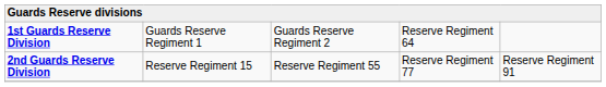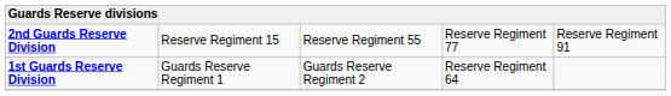 <table class="wikitable">
 <tr>
 <td style="background:#efefef;" style="text-align: center;" colspan="5"><strong> Guards Reserve divisions</strong></td>
+</tr>
+<tr>
+<td><strong><a href='#'>2nd Guards Reserve Division</a></strong></td>
+<td>Reserve Regiment 15</td>
+<td>Reserve Regiment 55</td>
+<td>Reserve Regiment 77</td>
+<td>Reserve Regiment 91</td>
 </tr>
 <tr>
 <td><strong><a href='#'>1st Guards Reserve Division</a></strong></td>
 <td>Guards Reserve Regiment 1</td>
 <td>Guards Reserve Regiment 2</td>
 <td>Reserve Regiment 64</td>
 <td></td>
 </tr>
 <tr>
-<td><strong><a href='#'>2nd Guards Reserve Division</a></strong></td>
-<td>Reserve Regiment 15</td>
-<td>Reserve Regiment 55</td>
-<td>Reserve Regiment 77</td>
-<td>Reserve Regiment 91</td>
-</tr>
-<tr>
 </tr>
 </table>
